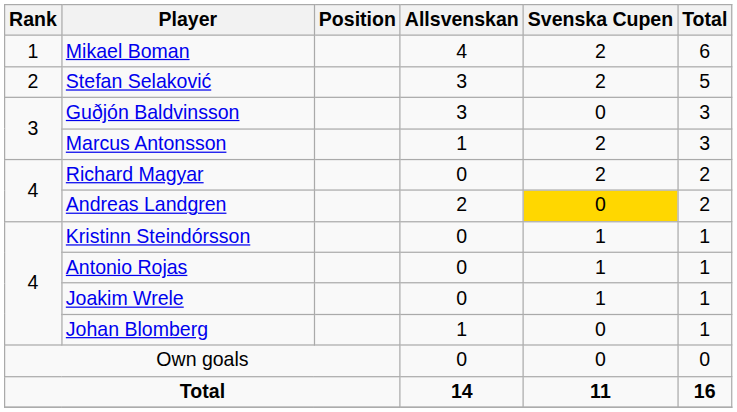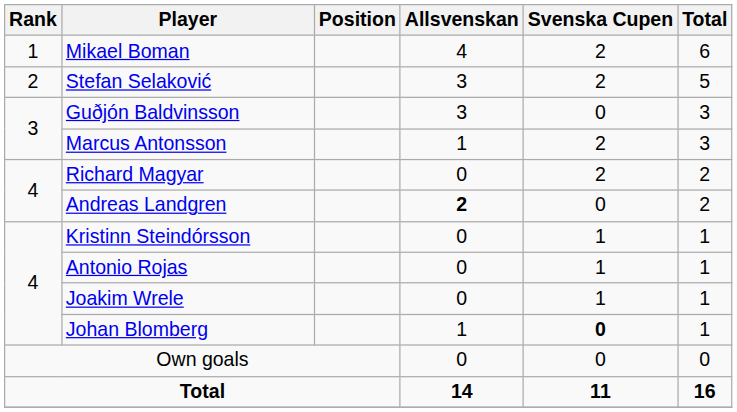 <table class="wikitable">
 <tr>
 <th>Rank</th>
 <th style="width:200px;">Player</th>
 <th>Position</th>
 <th>Allsvenskan</th>
 <th>Svenska Cupen</th>
 <th>Total</th>
 </tr>
 <tr>
 <td align=center>1</td>
 <td> <a href='#'>Mikael Boman</a></td>
 <td align=center></td>
 <td align=center>4</td>
 <td align=center>2</td>
 <td align=center>6</td>
 </tr>
 <tr>
 <td align=center>2</td>
 <td> <a href='#'>Stefan Selaković</a></td>
 <td align=center></td>
 <td align=center>3</td>
 <td align=center>2</td>
 <td align=center>5</td>
 </tr>
 <tr>
 <td align=center rowspan=2>3</td>
 <td> <a href='#'>Guðjón Baldvinsson</a></td>
 <td align=center></td>
 <td align=center>3</td>
 <td align=center>0</td>
 <td align=center>3</td>
 </tr>
 <tr>
 <td> <a href='#'>Marcus Antonsson</a></td>
 <td align=center></td>
 <td align=center>1</td>
 <td align=center>2</td>
 <td align=center>3</td>
 </tr>
 <tr>
 <td align=center rowspan=2>4</td>
 <td> <a href='#'>Richard Magyar</a></td>
 <td align=center></td>
 <td align=center>0</td>
 <td align=center>2</td>
 <td align=center>2</td>
 </tr>
 <tr>
 <td> <a href='#'>Andreas Landgren</a></td>
 <td align=center></td>
-<td align=center>2</td>
-<td align=center style="background: gold;">0</td>
+<td align=center><strong>2</strong></td>
+<td align=center>0</td>
 <td align=center>2</td>
 </tr>
 <tr>
 <td align=center rowspan=4>4</td>
 <td> <a href='#'>Kristinn Steindórsson</a></td>
 <td align=center></td>
 <td align=center>0</td>
 <td align=center>1</td>
 <td align=center>1</td>
 </tr>
 <tr>
 <td> <a href='#'>Antonio Rojas</a></td>
 <td align=center></td>
 <td align=center>0</td>
 <td align=center>1</td>
 <td align=center>1</td>
 </tr>
 <tr>
 <td> <a href='#'>Joakim Wrele</a></td>
 <td align=center></td>
 <td align=center>0</td>
 <td align=center>1</td>
 <td align=center>1</td>
 </tr>
 <tr>
 <td> <a href='#'>Johan Blomberg</a></td>
 <td align=center></td>
 <td align=center>1</td>
-<td align=center>0</td>
+<td align=center><strong>0</strong></td>
 <td align=center>1</td>
 </tr>
 <tr>
 <td align=center colspan=3>Own goals</td>
 <td align=center>0</td>
 <td align=center>0</td>
 <td align=center>0</td>
 </tr>
 <tr>
 <td align=center colspan=3><strong>Total</strong></td>
 <td align=center><strong>14</strong></td>
 <td align=center><strong>11</strong></td>
 <td align=center><strong>16</strong></td>
 </tr>
 <tr>
 </tr>
 </table>
